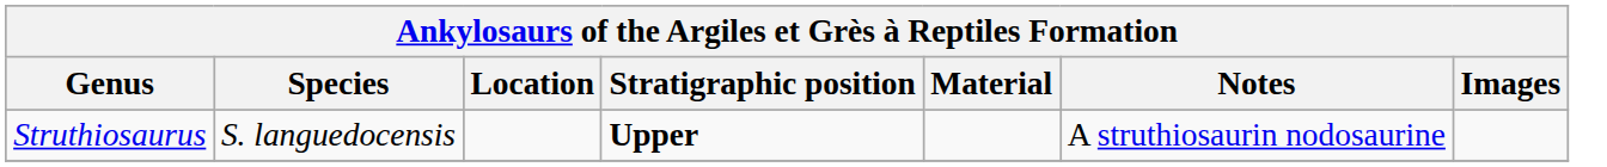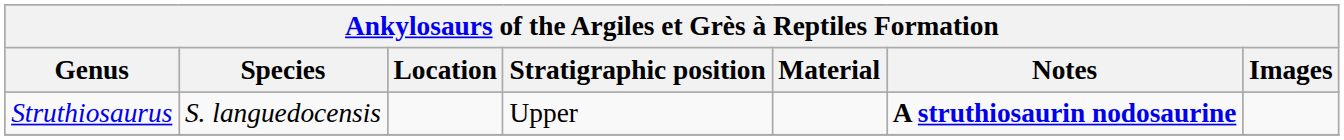 <table class="wikitable" align="center">
 <tr>
 <th colspan="7" align="center"><a href='#'>Ankylosaurs</a> of the Argiles et Grès à Reptiles Formation</th>
 </tr>
 <tr>
 <th>Genus</th>
 <th>Species</th>
 <th>Location</th>
 <th>Stratigraphic position</th>
 <th>Material</th>
 <th>Notes</th>
 <th>Images</th>
 </tr>
 <tr>
 <td><em><a href='#'>Struthiosaurus</a></em></td>
 <td><em>S. languedocensis</em></td>
 <td></td>
-<td><strong>Upper</strong></td>
+<td>Upper</td>
 <td></td>
-<td>A <a href='#'>struthiosaurin nodosaurine</a></td>
+<td><strong>A <a href='#'>struthiosaurin nodosaurine</a></strong></td>
 <td></td>
 </tr>
 <tr>
 </tr>
 </table>
